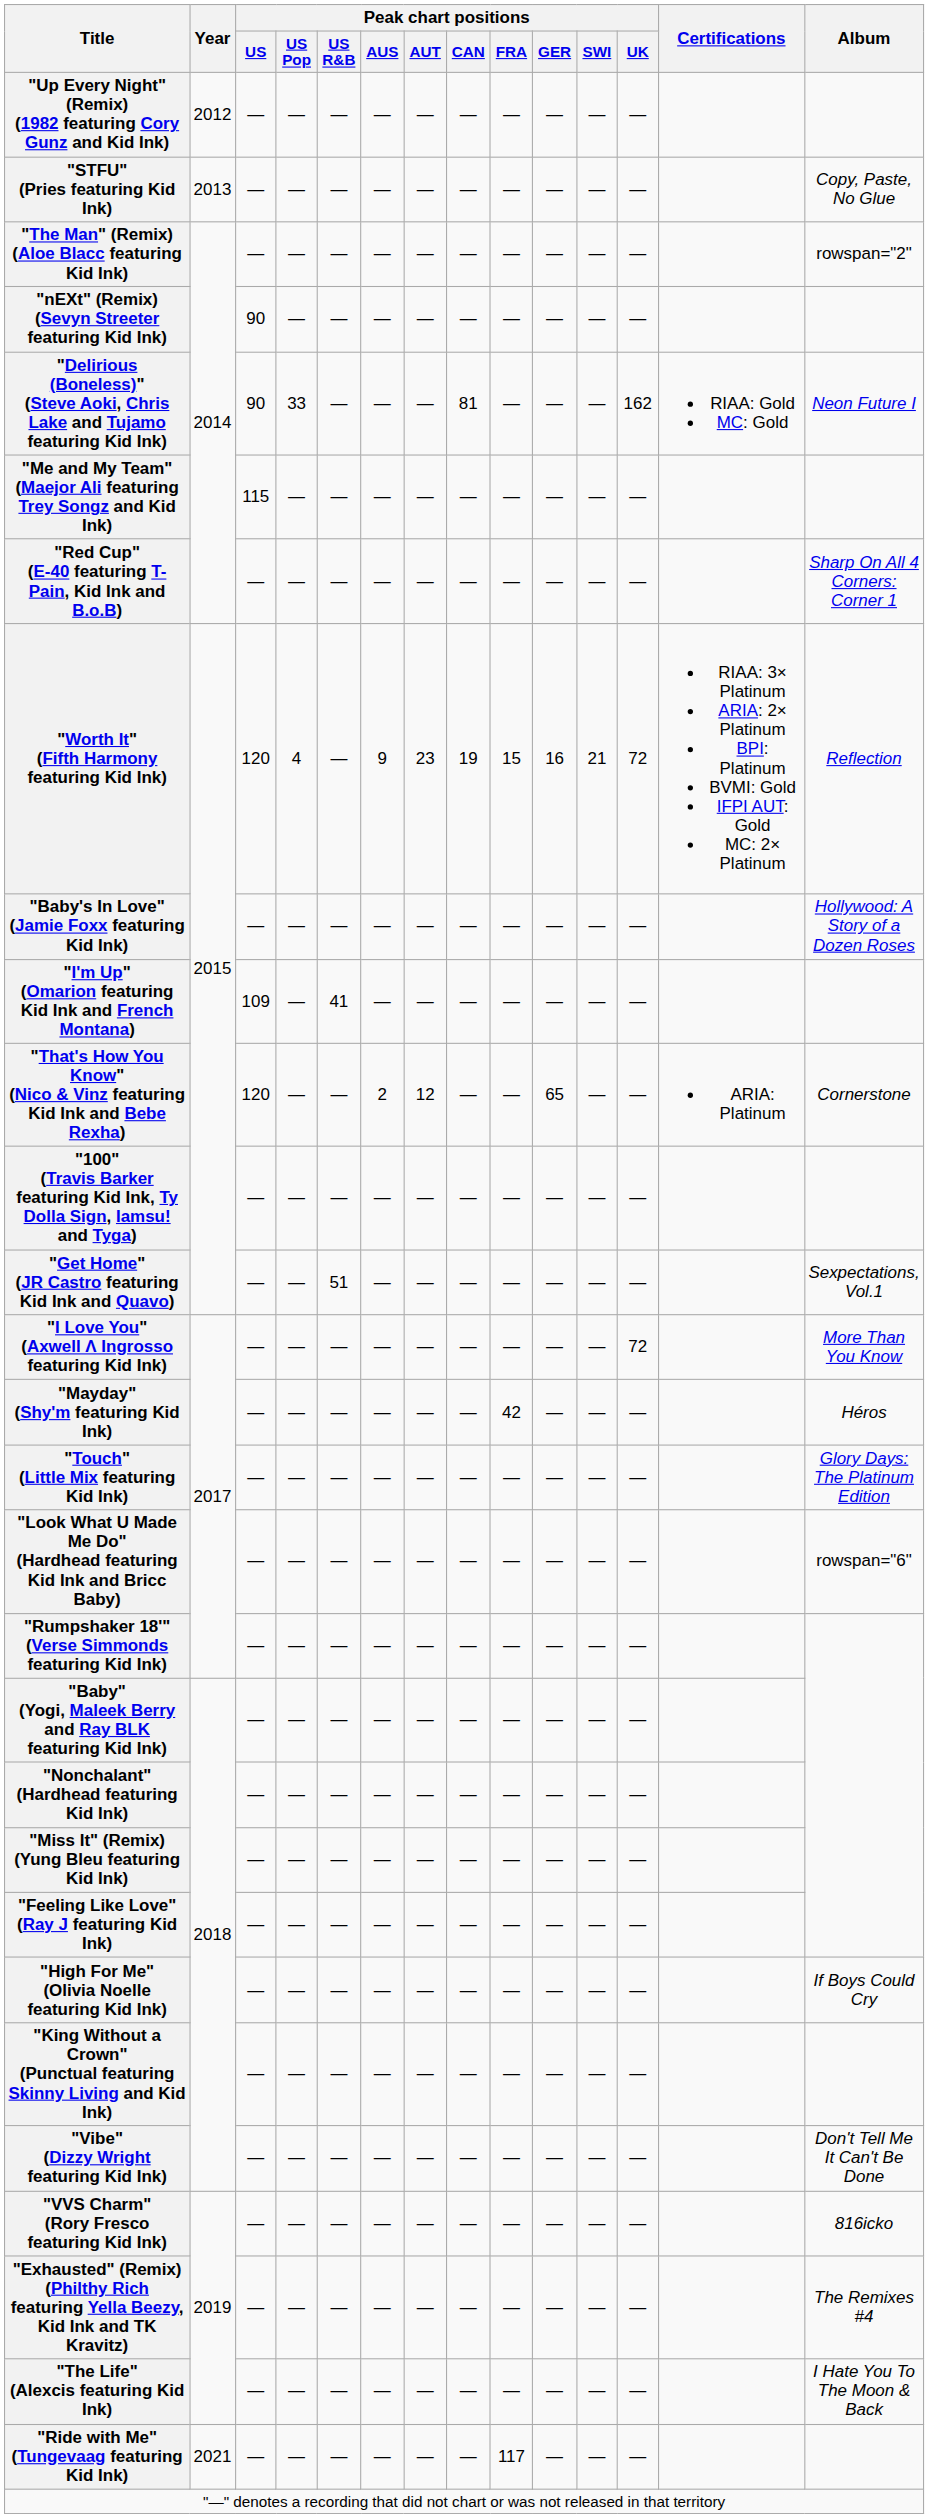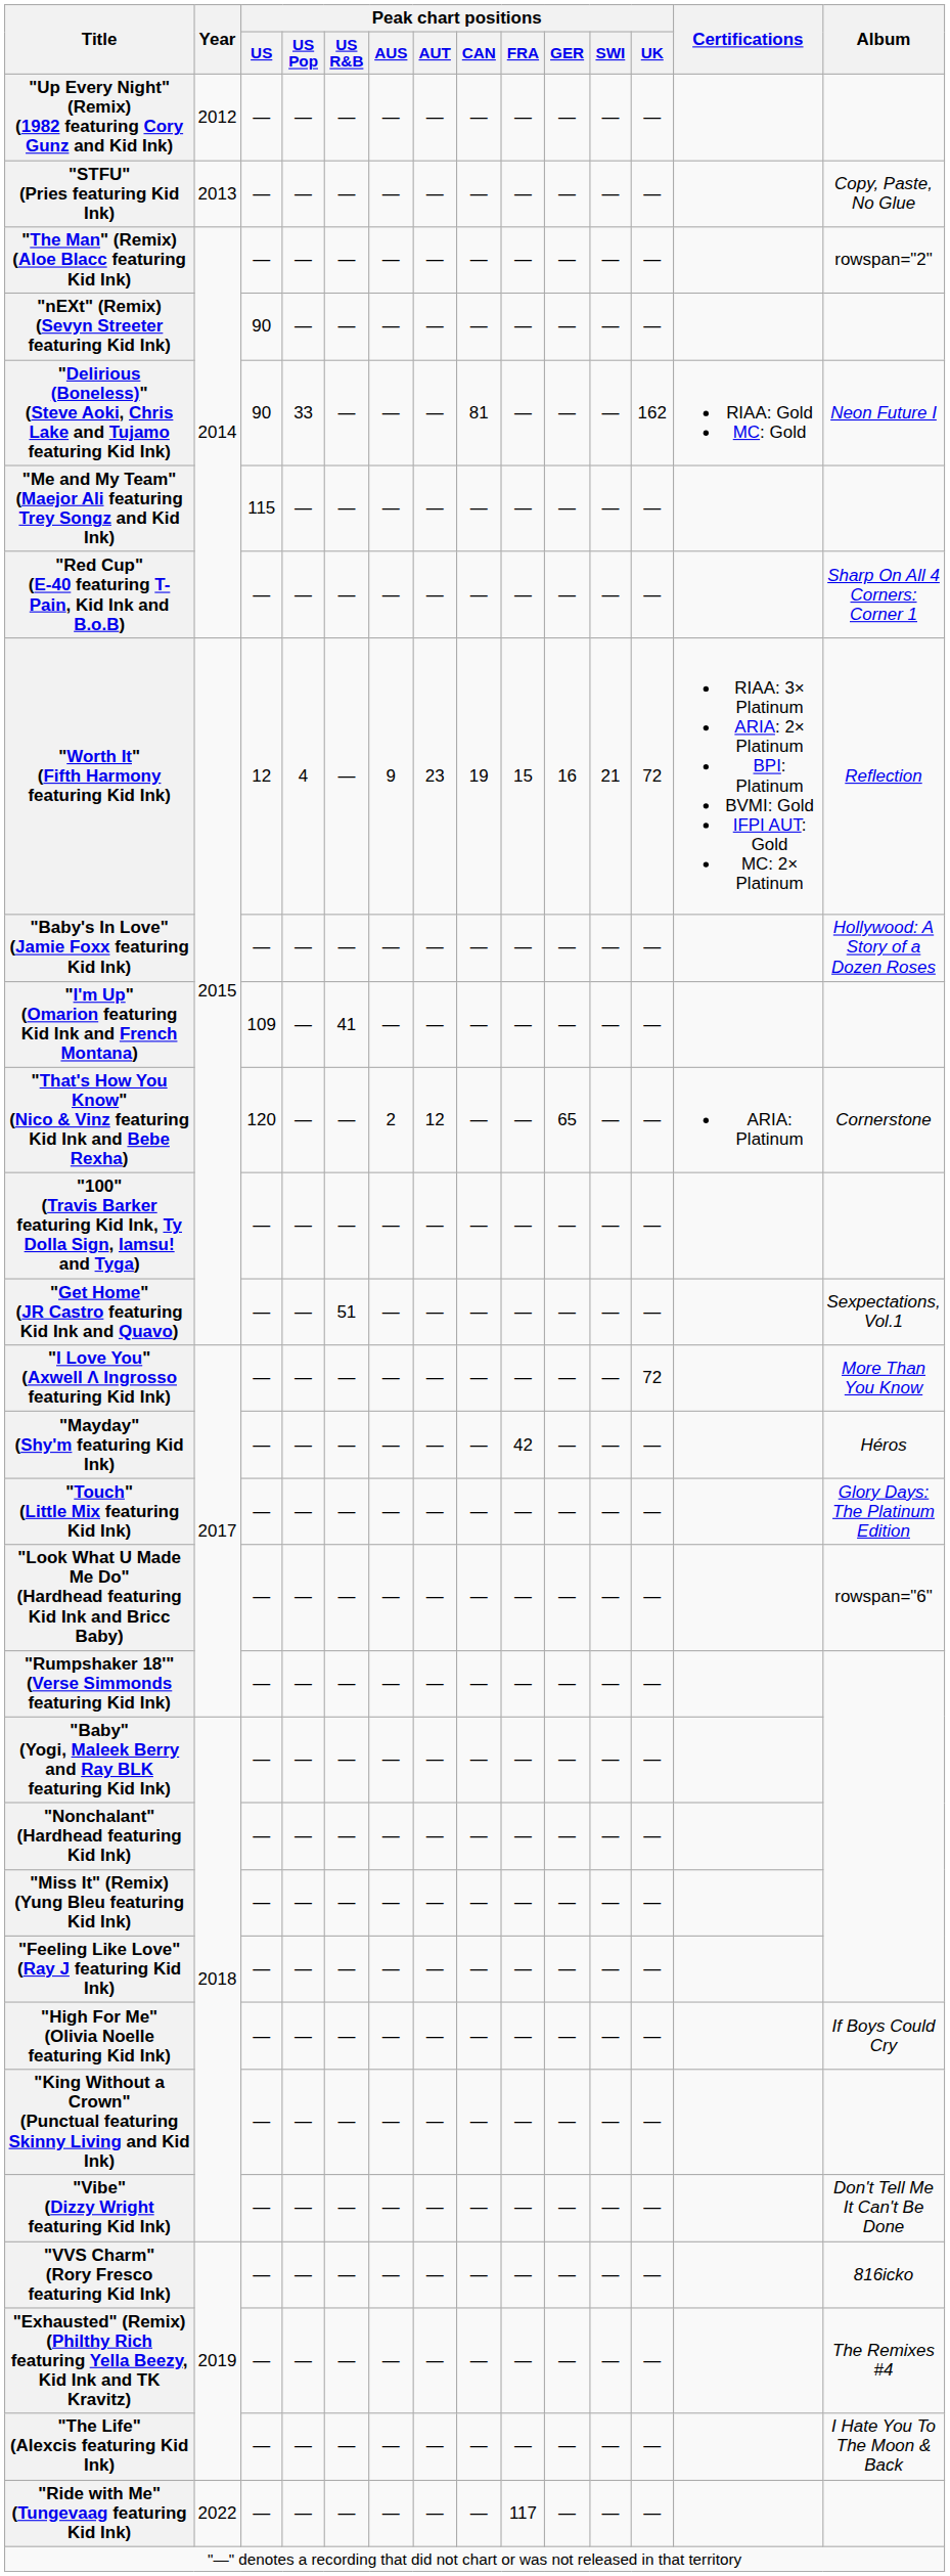 <table class="wikitable plainrowheaders" style="text-align:center;">
 <tr>
 <th scope="col" rowspan="2" style="width:19em;">Title</th>
 <th scope="col" rowspan="2">Year</th>
 <th scope="col" colspan="10">Peak chart positions</th>
 <th scope="col" rowspan="2" style="width:12em;"><a href='#'>Certifications</a></th>
 <th scope="col" rowspan="2">Album</th>
 </tr>
 <tr>
 <th scope="col" style="width:2.9em;font-size:90%;"><a href='#'>US</a><br></th>
 <th scope="col" style="width:2.9em;font-size:90%;"><a href='#'>US<br>Pop</a><br></th>
 <th scope="col" style="width:2.9em;font-size:90%;"><a href='#'>US<br>R&B</a><br></th>
 <th scope="col" style="width:2.9em;font-size:90%;"><a href='#'>AUS</a><br></th>
 <th scope="col" style="width:2.9em;font-size:90%;"><a href='#'>AUT</a><br></th>
 <th scope="col" style="width:2.9em;font-size:90%;"><a href='#'>CAN</a><br></th>
 <th scope="col" style="width:2.9em;font-size:90%;"><a href='#'>FRA</a><br></th>
 <th scope="col" style="width:2.9em;font-size:90%;"><a href='#'>GER</a><br></th>
 <th scope="col" style="width:2.9em;font-size:90%;"><a href='#'>SWI</a><br></th>
 <th scope="col" style="width:2.9em;font-size:90%;"><a href='#'>UK</a><br></th>
 </tr>
 <tr>
 <th scope="row">"Up Every Night" (Remix)<br><span>(<a href='#'>1982</a> featuring <a href='#'>Cory Gunz</a> and Kid Ink)</span></th>
 <td>2012</td>
 <td>—</td>
 <td>—</td>
 <td>—</td>
 <td>—</td>
 <td>—</td>
 <td>—</td>
 <td>—</td>
 <td>—</td>
 <td>—</td>
 <td>—</td>
 <td></td>
 <td></td>
 </tr>
 <tr>
 <th scope="row">"STFU"<br><span>(Pries featuring Kid Ink)</span></th>
 <td>2013</td>
 <td>—</td>
 <td>—</td>
 <td>—</td>
 <td>—</td>
 <td>—</td>
 <td>—</td>
 <td>—</td>
 <td>—</td>
 <td>—</td>
 <td>—</td>
 <td></td>
 <td><em>Copy, Paste, No Glue</em></td>
 </tr>
 <tr>
 <th scope="row">"<a href='#'>The Man</a>" (Remix)<br><span>(<a href='#'>Aloe Blacc</a> featuring Kid Ink)</span></th>
 <td rowspan="5">2014</td>
 <td>—</td>
 <td>—</td>
 <td>—</td>
 <td>—</td>
 <td>—</td>
 <td>—</td>
 <td>—</td>
 <td>—</td>
 <td>—</td>
 <td>—</td>
 <td></td>
 <td>rowspan="2" </td>
 </tr>
 <tr>
 <th scope="row">"nEXt" (Remix)<br><span>(<a href='#'>Sevyn Streeter</a> featuring Kid Ink)</span></th>
 <td>90</td>
 <td>—</td>
 <td>—</td>
 <td>—</td>
 <td>—</td>
 <td>—</td>
 <td>—</td>
 <td>—</td>
 <td>—</td>
 <td>—</td>
 <td></td>
 </tr>
 <tr>
 <th scope="row">"<a href='#'>Delirious (Boneless)</a>"<br><span>(<a href='#'>Steve Aoki</a>, <a href='#'>Chris Lake</a> and <a href='#'>Tujamo</a> featuring Kid Ink)</span></th>
 <td>90</td>
 <td>33</td>
 <td>—</td>
 <td>—</td>
 <td>—</td>
 <td>81</td>
 <td>—</td>
 <td>—</td>
 <td>—</td>
 <td>162</td>
 <td><br><ul><li>RIAA: Gold</li><li><a href='#'>MC</a>: Gold</li></ul></td>
 <td><em><a href='#'>Neon Future I</a></em></td>
 </tr>
 <tr>
 <th scope="row">"Me and My Team"<br><span>(<a href='#'>Maejor Ali</a> featuring <a href='#'>Trey Songz</a> and Kid Ink)</span></th>
 <td>115</td>
 <td>—</td>
 <td>—</td>
 <td>—</td>
 <td>—</td>
 <td>—</td>
 <td>—</td>
 <td>—</td>
 <td>—</td>
 <td>—</td>
 <td></td>
 <td></td>
 </tr>
 <tr>
 <th scope="row">"Red Cup"<br><span>(<a href='#'>E-40</a> featuring <a href='#'>T-Pain</a>, Kid Ink and <a href='#'>B.o.B</a>)</span></th>
 <td>—</td>
 <td>—</td>
 <td>—</td>
 <td>—</td>
 <td>—</td>
 <td>—</td>
 <td>—</td>
 <td>—</td>
 <td>—</td>
 <td>—</td>
 <td></td>
 <td><em><a href='#'>Sharp On All 4 Corners: Corner 1</a></em></td>
 </tr>
 <tr>
 <th scope="row">"<a href='#'>Worth It</a>"<br><span>(<a href='#'>Fifth Harmony</a> featuring Kid Ink)</span></th>
 <td rowspan="6">2015</td>
-<td>120</td>
+<td>12</td>
 <td>4</td>
 <td>—</td>
 <td>9</td>
 <td>23</td>
 <td>19</td>
 <td>15</td>
 <td>16</td>
 <td>21</td>
 <td>72</td>
 <td><br><ul><li>RIAA: 3× Platinum</li><li><a href='#'>ARIA</a>: 2× Platinum</li><li><a href='#'>BPI</a>: Platinum</li><li>BVMI: Gold</li><li><a href='#'>IFPI AUT</a>: Gold</li><li>MC: 2× Platinum</li></ul></td>
 <td><em><a href='#'>Reflection</a></em></td>
 </tr>
 <tr>
 <th scope="row">"Baby's In Love"<br><span>(<a href='#'>Jamie Foxx</a> featuring Kid Ink)</span></th>
 <td>—</td>
 <td>—</td>
 <td>—</td>
 <td>—</td>
 <td>—</td>
 <td>—</td>
 <td>—</td>
 <td>—</td>
 <td>—</td>
 <td>—</td>
 <td></td>
 <td><em><a href='#'>Hollywood: A Story of a Dozen Roses</a></em></td>
 </tr>
 <tr>
 <th scope="row">"<a href='#'>I'm Up</a>"<br><span>(<a href='#'>Omarion</a> featuring Kid Ink and <a href='#'>French Montana</a>)</span></th>
 <td>109</td>
 <td>—</td>
 <td>41</td>
 <td>—</td>
 <td>—</td>
 <td>—</td>
 <td>—</td>
 <td>—</td>
 <td>—</td>
 <td>—</td>
 <td></td>
 <td></td>
 </tr>
 <tr>
 <th scope="row">"<a href='#'>That's How You Know</a>"<br><span>(<a href='#'>Nico & Vinz</a> featuring Kid Ink and <a href='#'>Bebe Rexha</a>)</span></th>
 <td>120</td>
 <td>—</td>
 <td>—</td>
 <td>2</td>
 <td>12</td>
 <td>—</td>
 <td>—</td>
 <td>65</td>
 <td>—</td>
 <td>—</td>
 <td><br><ul><li>ARIA: Platinum</li></ul></td>
 <td><em>Cornerstone</em></td>
 </tr>
 <tr>
 <th scope="row">"100"<br><span>(<a href='#'>Travis Barker</a> featuring Kid Ink, <a href='#'>Ty Dolla Sign</a>, <a href='#'>Iamsu!</a> and <a href='#'>Tyga</a>)</span></th>
 <td>—</td>
 <td>—</td>
 <td>—</td>
 <td>—</td>
 <td>—</td>
 <td>—</td>
 <td>—</td>
 <td>—</td>
 <td>—</td>
 <td>—</td>
 <td></td>
 <td></td>
 </tr>
 <tr>
 <th scope="row">"<a href='#'>Get Home</a>"<br><span>(<a href='#'>JR Castro</a> featuring Kid Ink and <a href='#'>Quavo</a>)</span></th>
 <td>—</td>
 <td>—</td>
 <td>51</td>
 <td>—</td>
 <td>—</td>
 <td>—</td>
 <td>—</td>
 <td>—</td>
 <td>—</td>
 <td>—</td>
 <td></td>
 <td><em>Sexpectations, Vol.1</em></td>
 </tr>
 <tr>
 <th scope="row">"<a href='#'>I Love You</a>"<br><span>(<a href='#'>Axwell Λ Ingrosso</a> featuring Kid Ink)</span></th>
 <td rowspan="5">2017</td>
 <td>—</td>
 <td>—</td>
 <td>—</td>
 <td>—</td>
 <td>—</td>
 <td>—</td>
 <td>—</td>
 <td>—</td>
 <td>—</td>
 <td>72</td>
 <td></td>
 <td><em><a href='#'>More Than You Know</a></em></td>
 </tr>
 <tr>
 <th scope="row">"Mayday"<br><span>(<a href='#'>Shy'm</a> featuring Kid Ink)</span></th>
 <td>—</td>
 <td>—</td>
 <td>—</td>
 <td>—</td>
 <td>—</td>
 <td>—</td>
 <td>42</td>
 <td>—</td>
 <td>—</td>
 <td>—</td>
 <td></td>
 <td><em>Héros</em></td>
 </tr>
 <tr>
 <th scope="row">"<a href='#'>Touch</a>"<br><span>(<a href='#'>Little Mix</a> featuring Kid Ink)</span></th>
 <td>—</td>
 <td>—</td>
 <td>—</td>
 <td>—</td>
 <td>—</td>
 <td>—</td>
 <td>—</td>
 <td>—</td>
 <td>—</td>
 <td>—</td>
 <td></td>
 <td><em><a href='#'>Glory Days: The Platinum Edition</a></em></td>
 </tr>
 <tr>
 <th scope="row">"Look What U Made Me Do"<br><span>(Hardhead featuring Kid Ink and Bricc Baby)</span></th>
 <td>—</td>
 <td>—</td>
 <td>—</td>
 <td>—</td>
 <td>—</td>
 <td>—</td>
 <td>—</td>
 <td>—</td>
 <td>—</td>
 <td>—</td>
 <td></td>
 <td>rowspan="6" </td>
 </tr>
 <tr>
 <th scope="row">"Rumpshaker 18'"<br><span>(<a href='#'>Verse Simmonds</a> featuring Kid Ink)</span></th>
 <td>—</td>
 <td>—</td>
 <td>—</td>
 <td>—</td>
 <td>—</td>
 <td>—</td>
 <td>—</td>
 <td>—</td>
 <td>—</td>
 <td>—</td>
 <td></td>
 </tr>
 <tr>
 <th scope="row">"Baby"<br><span>(Yogi, <a href='#'>Maleek Berry</a> and <a href='#'>Ray BLK</a> featuring Kid Ink)</span></th>
 <td rowspan="7">2018</td>
 <td>—</td>
 <td>—</td>
 <td>—</td>
 <td>—</td>
 <td>—</td>
 <td>—</td>
 <td>—</td>
 <td>—</td>
 <td>—</td>
 <td>—</td>
 <td></td>
 </tr>
 <tr>
 <th scope="row">"Nonchalant"<br><span>(Hardhead featuring Kid Ink)</span></th>
 <td>—</td>
 <td>—</td>
 <td>—</td>
 <td>—</td>
 <td>—</td>
 <td>—</td>
 <td>—</td>
 <td>—</td>
 <td>—</td>
 <td>—</td>
 <td></td>
 </tr>
 <tr>
 <th scope="row">"Miss It" (Remix)<br><span>(Yung Bleu featuring Kid Ink)</span></th>
 <td>—</td>
 <td>—</td>
 <td>—</td>
 <td>—</td>
 <td>—</td>
 <td>—</td>
 <td>—</td>
 <td>—</td>
 <td>—</td>
 <td>—</td>
 <td></td>
 </tr>
 <tr>
 <th scope="row">"Feeling Like Love"<br><span>(<a href='#'>Ray J</a> featuring Kid Ink)</span></th>
 <td>—</td>
 <td>—</td>
 <td>—</td>
 <td>—</td>
 <td>—</td>
 <td>—</td>
 <td>—</td>
 <td>—</td>
 <td>—</td>
 <td>—</td>
 <td></td>
 </tr>
 <tr>
 <th scope="row">"High For Me"<br><span>(Olivia Noelle featuring Kid Ink)</span></th>
 <td>—</td>
 <td>—</td>
 <td>—</td>
 <td>—</td>
 <td>—</td>
 <td>—</td>
 <td>—</td>
 <td>—</td>
 <td>—</td>
 <td>—</td>
 <td></td>
 <td><em>If Boys Could Cry</em></td>
 </tr>
 <tr>
 <th scope="row">"King Without a Crown"<br><span>(Punctual featuring <a href='#'>Skinny Living</a> and Kid Ink)</span></th>
 <td>—</td>
 <td>—</td>
 <td>—</td>
 <td>—</td>
 <td>—</td>
 <td>—</td>
 <td>—</td>
 <td>—</td>
 <td>—</td>
 <td>—</td>
 <td></td>
 <td></td>
 </tr>
 <tr>
 <th scope="row">"Vibe"<br><span>(<a href='#'>Dizzy Wright</a> featuring Kid Ink)</span></th>
 <td>—</td>
 <td>—</td>
 <td>—</td>
 <td>—</td>
 <td>—</td>
 <td>—</td>
 <td>—</td>
 <td>—</td>
 <td>—</td>
 <td>—</td>
 <td></td>
 <td><em>Don't Tell Me It Can't Be Done</em></td>
 </tr>
 <tr>
 <th scope="row">"VVS Charm"<br><span>(Rory Fresco featuring Kid Ink)</span></th>
 <td rowspan="3">2019</td>
 <td>—</td>
 <td>—</td>
 <td>—</td>
 <td>—</td>
 <td>—</td>
 <td>—</td>
 <td>—</td>
 <td>—</td>
 <td>—</td>
 <td>—</td>
 <td></td>
 <td><em>816icko</em></td>
 </tr>
 <tr>
 <th scope="row">"Exhausted" (Remix)<br><span>(<a href='#'>Philthy Rich</a> featuring <a href='#'>Yella Beezy</a>, Kid Ink and TK Kravitz)</span></th>
 <td>—</td>
 <td>—</td>
 <td>—</td>
 <td>—</td>
 <td>—</td>
 <td>—</td>
 <td>—</td>
 <td>—</td>
 <td>—</td>
 <td>—</td>
 <td></td>
 <td><em>The Remixes #4</em></td>
 </tr>
 <tr>
 <th scope="row">"The Life"<br><span>(Alexcis featuring Kid Ink)</span></th>
 <td>—</td>
 <td>—</td>
 <td>—</td>
 <td>—</td>
 <td>—</td>
 <td>—</td>
 <td>—</td>
 <td>—</td>
 <td>—</td>
 <td>—</td>
 <td></td>
 <td><em>I Hate You To The Moon & Back</em></td>
 </tr>
 <tr>
 <th scope="row">"Ride with Me" <br><span>(<a href='#'>Tungevaag</a> featuring Kid Ink)</span></th>
-<td>2021</td>
+<td>2022</td>
 <td>—</td>
 <td>—</td>
 <td>—</td>
 <td>—</td>
 <td>—</td>
 <td>—</td>
 <td>117</td>
 <td>—</td>
 <td>—</td>
 <td>—</td>
 <td></td>
 <td></td>
 </tr>
 <tr>
 <td colspan="15" style="font-size:90%">"—" denotes a recording that did not chart or was not released in that territory</td>
 </tr>
 </table>
